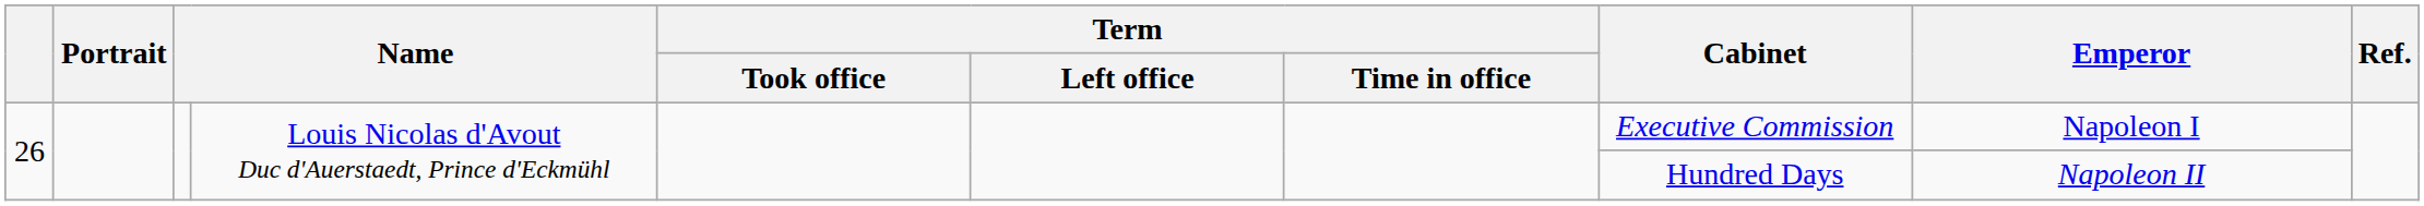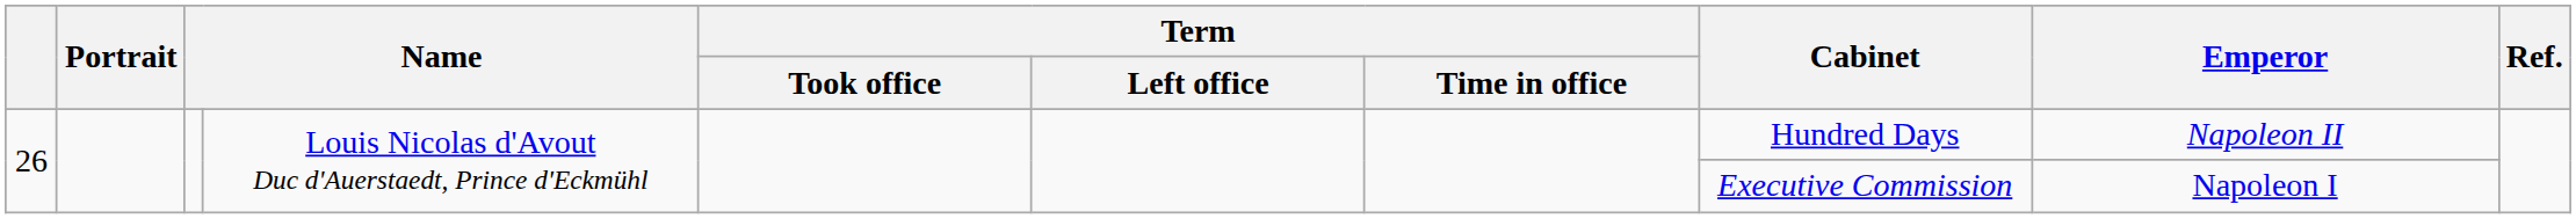 <table class="wikitable" style="text-align:center; width:100%">
 <tr>
 <th style="width:2%" rowspan=2></th>
 <th style="width:5%" rowspan=2>Portrait</th>
 <th style="width:20%" rowspan=2, colspan=2>Name</th>
 <th colspan=3>Term</th>
 <th style="width:13%" rowspan=2>Cabinet</th>
 <th rowspan=2><a href='#'>Emperor</a></th>
 <th style="width:2%" rowspan=2>Ref.</th>
 </tr>
 <tr>
 <th style="width:13%">Took office</th>
 <th style="width:13%">Left office</th>
 <th style="width:13%">Time in office</th>
 </tr>
 <tr>
 <td rowspan=2>26</td>
 <td rowspan=2></td>
 <td rowspan=2 style="background:"></td>
 <td rowspan=2><a href='#'>Louis Nicolas d'Avout</a><br><small><em>Duc d'Auerstaedt, Prince d'Eckmühl</em></small></td>
 <td rowspan=2></td>
 <td rowspan=2></td>
 <td rowspan=2></td>
-<td><a href='#'><em>Executive Commission</em></a></td>
-<td><a href='#'>Napoleon I</a></td>
+<td><a href='#'>Hundred Days</a></td>
+<td><em><a href='#'>Napoleon II</a></em></td>
 <td rowspan=2></td>
 </tr>
 <tr>
-<td><a href='#'>Hundred Days</a></td>
-<td><em><a href='#'>Napoleon II</a></em></td>
+<td><a href='#'><em>Executive Commission</em></a></td>
+<td><a href='#'>Napoleon I</a></td>
 </tr>
 </table>
